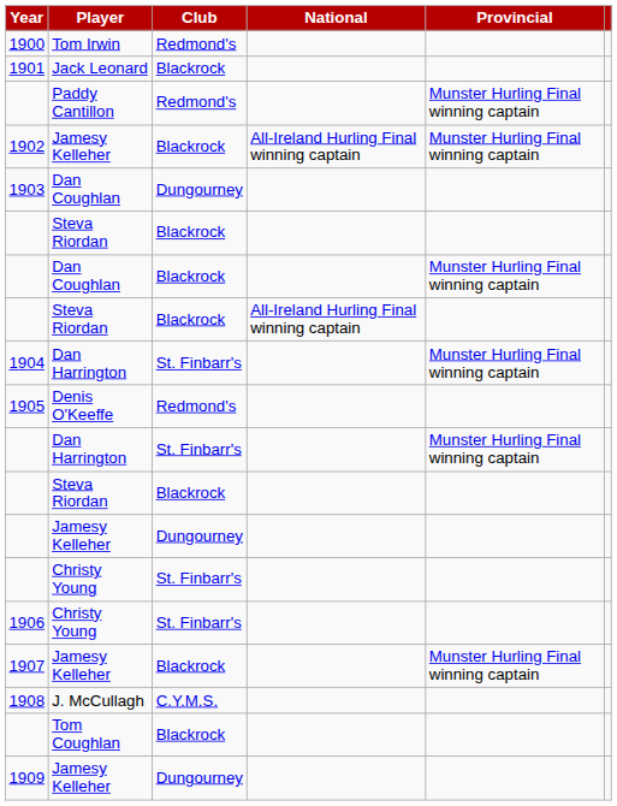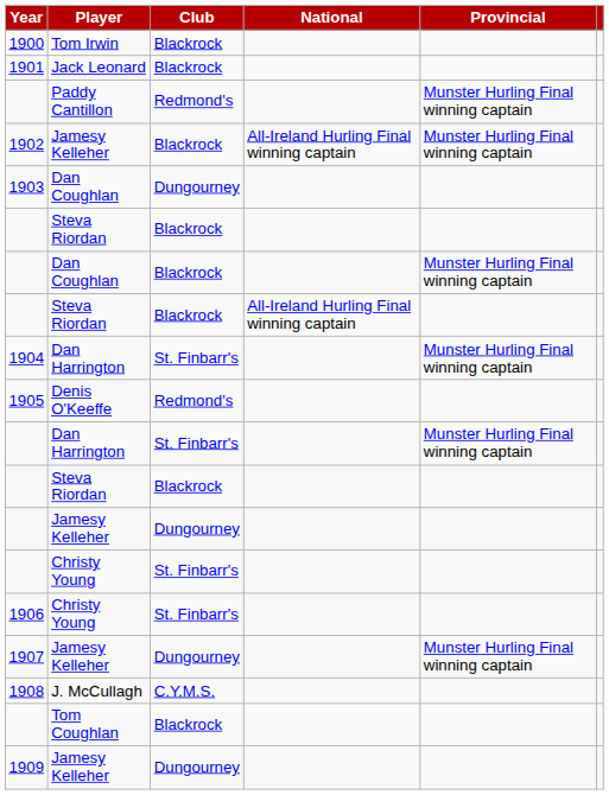 <table class="wikitable">
 <tr style="text-align:center;background:#B60000;color:white">
 <td><strong>Year</strong></td>
 <td><strong>Player</strong></td>
 <td><strong>Club</strong></td>
 <td><strong>National</strong></td>
 <td><strong>Provincial</strong></td>
 <td></td>
 </tr>
 <tr>
 <td style="text-align:left;"><a href='#'>1900</a></td>
 <td style="text-align:left;"><a href='#'>Tom Irwin</a></td>
-<td style="text-align:left;"><a href='#'>Redmond's</a></td>
+<td style="text-align:left;"><a href='#'>Blackrock</a></td>
 <td></td>
 <td></td>
 <td></td>
 </tr>
 <tr>
 <td style="text-align:left;"><a href='#'>1901</a></td>
 <td style="text-align:left;"><a href='#'>Jack Leonard</a></td>
 <td style="text-align:left;"><a href='#'>Blackrock</a></td>
 <td></td>
 <td></td>
 <td></td>
 </tr>
 <tr>
 <td></td>
 <td style="text-align:left;"><a href='#'>Paddy Cantillon</a></td>
 <td style="text-align:left;"><a href='#'>Redmond's</a></td>
 <td></td>
 <td style="text-align:left;"><a href='#'>Munster Hurling Final</a> winning captain</td>
 <td></td>
 </tr>
 <tr>
 <td style="text-align:left;"><a href='#'>1902</a></td>
 <td style="text-align:left;"><a href='#'>Jamesy Kelleher</a></td>
 <td style="text-align:left;"><a href='#'>Blackrock</a></td>
 <td style="text-align:left;"><a href='#'>All-Ireland Hurling Final</a> winning captain</td>
 <td style="text-align:left;"><a href='#'>Munster Hurling Final</a> winning captain</td>
 <td></td>
 </tr>
 <tr>
 <td style="text-align:left;"><a href='#'>1903</a></td>
 <td style="text-align:left;"><a href='#'>Dan Coughlan</a></td>
 <td style="text-align:left;"><a href='#'>Dungourney</a></td>
 <td></td>
 <td></td>
 <td></td>
 </tr>
 <tr>
 <td></td>
 <td style="text-align:left;"><a href='#'>Steva Riordan</a></td>
 <td style="text-align:left;"><a href='#'>Blackrock</a></td>
 <td></td>
 <td></td>
 <td></td>
 </tr>
 <tr>
 <td></td>
 <td style="text-align:left;"><a href='#'>Dan Coughlan</a></td>
 <td style="text-align:left;"><a href='#'>Blackrock</a></td>
 <td></td>
 <td style="text-align:left;"><a href='#'>Munster Hurling Final</a> winning captain</td>
 <td></td>
 </tr>
 <tr>
 <td></td>
 <td style="text-align:left;"><a href='#'>Steva Riordan</a></td>
 <td style="text-align:left;"><a href='#'>Blackrock</a></td>
 <td style="text-align:left;"><a href='#'>All-Ireland Hurling Final</a> winning captain</td>
 <td></td>
 <td></td>
 </tr>
 <tr>
 <td style="text-align:left;"><a href='#'>1904</a></td>
 <td style="text-align:left;"><a href='#'>Dan Harrington</a></td>
 <td style="text-align:left;"><a href='#'>St. Finbarr's</a></td>
 <td></td>
 <td style="text-align:left;"><a href='#'>Munster Hurling Final</a> winning captain</td>
 <td></td>
 </tr>
 <tr>
 <td style="text-align:left;"><a href='#'>1905</a></td>
 <td style="text-align:left;"><a href='#'>Denis O'Keeffe</a></td>
 <td style="text-align:left;"><a href='#'>Redmond's</a></td>
 <td></td>
 <td></td>
 <td></td>
 </tr>
 <tr>
 <td></td>
 <td style="text-align:left;"><a href='#'>Dan Harrington</a></td>
 <td style="text-align:left;"><a href='#'>St. Finbarr's</a></td>
 <td></td>
 <td style="text-align:left;"><a href='#'>Munster Hurling Final</a> winning captain</td>
 <td></td>
 </tr>
 <tr>
 <td></td>
 <td style="text-align:left;"><a href='#'>Steva Riordan</a></td>
 <td style="text-align:left;"><a href='#'>Blackrock</a></td>
 <td></td>
 <td></td>
 <td></td>
 </tr>
 <tr>
 <td></td>
 <td style="text-align:left;"><a href='#'>Jamesy Kelleher</a></td>
 <td style="text-align:left;"><a href='#'>Dungourney</a></td>
 <td></td>
 <td></td>
 <td></td>
 </tr>
 <tr>
 <td></td>
 <td style="text-align:left;"><a href='#'>Christy Young</a></td>
 <td style="text-align:left;"><a href='#'>St. Finbarr's</a></td>
 <td></td>
 <td></td>
 <td></td>
 </tr>
 <tr>
 <td style="text-align:left;"><a href='#'>1906</a></td>
 <td style="text-align:left;"><a href='#'>Christy Young</a></td>
 <td style="text-align:left;"><a href='#'>St. Finbarr's</a></td>
 <td></td>
 <td></td>
 <td></td>
 </tr>
 <tr>
 <td style="text-align:left;"><a href='#'>1907</a></td>
 <td style="text-align:left;"><a href='#'>Jamesy Kelleher</a></td>
-<td style="text-align:left;"><a href='#'>Blackrock</a></td>
+<td style="text-align:left;"><a href='#'>Dungourney</a></td>
 <td></td>
 <td style="text-align:left;"><a href='#'>Munster Hurling Final</a> winning captain</td>
 <td></td>
 </tr>
 <tr>
 <td style="text-align:left;"><a href='#'>1908</a></td>
 <td style="text-align:left;">J. McCullagh</td>
 <td style="text-align:left;"><a href='#'>C.Y.M.S.</a></td>
 <td></td>
 <td></td>
 <td></td>
 </tr>
 <tr>
 <td></td>
 <td style="text-align:left;"><a href='#'>Tom Coughlan</a></td>
 <td style="text-align:left;"><a href='#'>Blackrock</a></td>
 <td></td>
 <td></td>
 <td></td>
 </tr>
 <tr>
 <td style="text-align:left;"><a href='#'>1909</a></td>
 <td style="text-align:left;"><a href='#'>Jamesy Kelleher</a></td>
 <td style="text-align:left;"><a href='#'>Dungourney</a></td>
 <td></td>
 <td></td>
 <td></td>
 </tr>
 </table>
